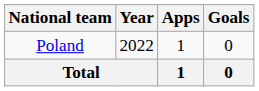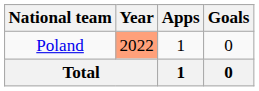 <table class="wikitable" style="text-align:center">
 <tr>
 <th>National team</th>
 <th>Year</th>
 <th>Apps</th>
 <th>Goals</th>
 </tr>
 <tr>
 <td rowspan="1"><a href='#'>Poland</a></td>
-<td>2022</td>
+<td style="background: lightsalmon;">2022</td>
 <td>1</td>
 <td>0</td>
 </tr>
 <tr>
 <th colspan="2">Total</th>
 <th>1</th>
 <th>0</th>
 </tr>
 </table>
